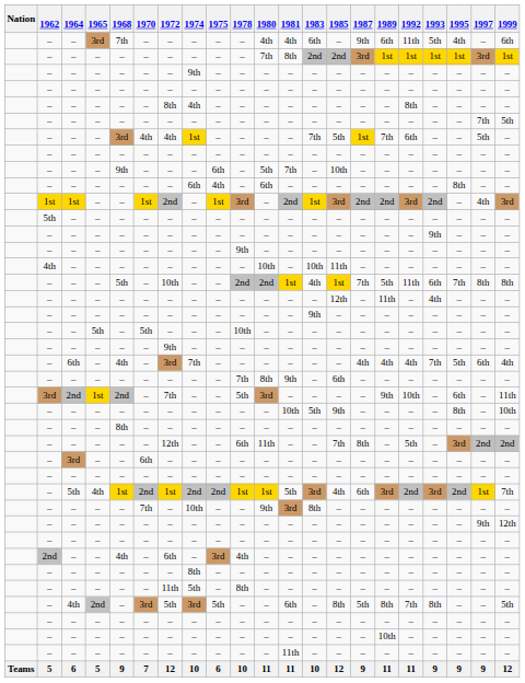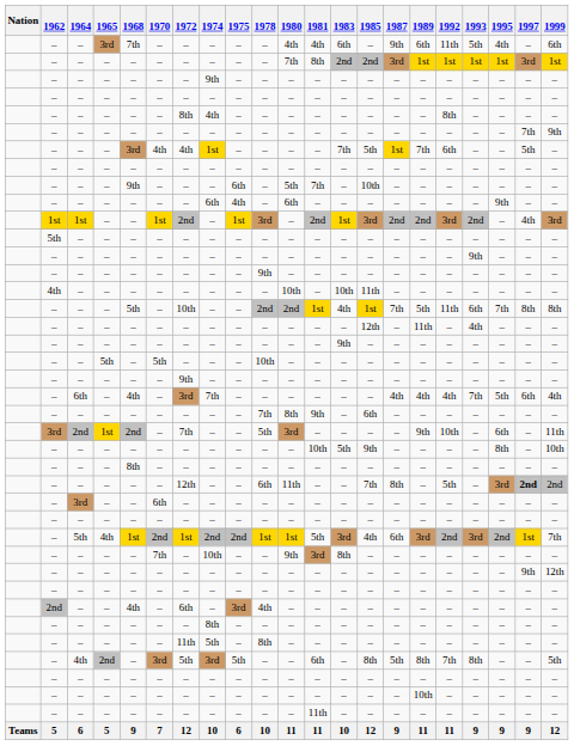 <table class="wikitable" style="font-size:90%; text-align:center;">
 <tr>
 <th>Nation</th>
 <th><br><a href='#'>1962</a></th>
 <th><br><a href='#'>1964</a></th>
 <th><br><a href='#'>1965</a></th>
 <th><br><a href='#'>1968</a></th>
 <th><br><a href='#'>1970</a></th>
 <th><br><a href='#'>1972</a></th>
 <th><br><a href='#'>1974</a></th>
 <th><br><a href='#'>1975</a></th>
 <th><br><a href='#'>1978</a></th>
 <th><br><a href='#'>1980</a></th>
 <th><br><a href='#'>1981</a></th>
 <th><br><a href='#'>1983</a></th>
 <th><br><a href='#'>1985</a></th>
 <th><br><a href='#'>1987</a></th>
 <th><br><a href='#'>1989</a></th>
 <th><br><a href='#'>1992</a></th>
 <th><br><a href='#'>1993</a></th>
 <th><br><a href='#'>1995</a></th>
 <th><br><a href='#'>1997</a></th>
 <th><br><a href='#'>1999</a></th>
 </tr>
 <tr>
 <td align=left></td>
 <td>–</td>
 <td>–</td>
 <td style="background:#c96;">3rd</td>
 <td>7th</td>
 <td>–</td>
 <td>–</td>
 <td>–</td>
 <td>–</td>
 <td>–</td>
 <td>4th</td>
 <td>4th</td>
 <td>6th</td>
 <td>–</td>
 <td>9th</td>
 <td>6th</td>
 <td>11th</td>
 <td>5th</td>
 <td>4th</td>
 <td>–</td>
 <td>6th</td>
 </tr>
 <tr>
 <td align=left></td>
 <td>–</td>
 <td>–</td>
 <td>–</td>
 <td>–</td>
 <td>–</td>
 <td>–</td>
 <td>–</td>
 <td>–</td>
 <td>–</td>
 <td>7th</td>
 <td>8th</td>
 <td style="background:silver;">2nd</td>
 <td style="background:silver;">2nd</td>
 <td style="background:#c96;">3rd</td>
 <td style="background:gold;">1st</td>
 <td style="background:gold;">1st</td>
 <td style="background:gold;">1st</td>
 <td style="background:gold;">1st</td>
 <td style="background:#c96;">3rd</td>
 <td style="background:gold;">1st</td>
 </tr>
 <tr>
 <td align=left></td>
 <td>–</td>
 <td>–</td>
 <td>–</td>
 <td>–</td>
 <td>–</td>
 <td>–</td>
 <td>9th</td>
 <td>–</td>
 <td>–</td>
 <td>–</td>
 <td>–</td>
 <td>–</td>
 <td>–</td>
 <td>–</td>
 <td>–</td>
 <td>–</td>
 <td>–</td>
 <td>–</td>
 <td>–</td>
 <td>–</td>
 </tr>
 <tr>
 <td align=left></td>
 <td>–</td>
 <td>–</td>
 <td>–</td>
 <td>–</td>
 <td>–</td>
 <td>–</td>
 <td>–</td>
 <td>–</td>
 <td>–</td>
 <td>–</td>
 <td>–</td>
 <td>–</td>
 <td>–</td>
 <td>–</td>
 <td>–</td>
 <td>–</td>
 <td>–</td>
 <td>–</td>
 <td>–</td>
 <td>–</td>
 </tr>
 <tr>
 <td align=left></td>
 <td>–</td>
 <td>–</td>
 <td>–</td>
 <td>–</td>
 <td>–</td>
 <td>8th</td>
 <td>4th</td>
 <td>–</td>
 <td>–</td>
 <td>–</td>
 <td>–</td>
 <td>–</td>
 <td>–</td>
 <td>–</td>
 <td>–</td>
 <td>8th</td>
 <td>–</td>
 <td>–</td>
 <td>–</td>
 <td>–</td>
 </tr>
 <tr>
 <td align=left></td>
 <td>–</td>
 <td>–</td>
 <td>–</td>
 <td>–</td>
 <td>–</td>
 <td>–</td>
 <td>–</td>
 <td>–</td>
 <td>–</td>
 <td>–</td>
 <td>–</td>
 <td>–</td>
 <td>–</td>
 <td>–</td>
 <td>–</td>
 <td>–</td>
 <td>–</td>
 <td>–</td>
 <td>7th</td>
-<td>5th</td>
+<td>9th</td>
 </tr>
 <tr>
 <td align=left></td>
 <td>–</td>
 <td>–</td>
 <td>–</td>
 <td style="background:#c96;">3rd</td>
 <td>4th</td>
 <td>4th</td>
 <td style="background:gold;">1st</td>
 <td>–</td>
 <td>–</td>
 <td>–</td>
 <td>–</td>
 <td>7th</td>
 <td>5th</td>
 <td style="background:gold;">1st</td>
 <td>7th</td>
 <td>6th</td>
 <td>–</td>
 <td>–</td>
 <td>5th</td>
 <td>–</td>
 </tr>
 <tr>
 <td align=left></td>
 <td>–</td>
 <td>–</td>
 <td>–</td>
 <td>–</td>
 <td>–</td>
 <td>–</td>
 <td>–</td>
 <td>–</td>
 <td>–</td>
 <td>–</td>
 <td>–</td>
 <td>–</td>
 <td>–</td>
 <td>–</td>
 <td>–</td>
 <td>–</td>
 <td>–</td>
 <td>–</td>
 <td>–</td>
 <td>–</td>
 </tr>
 <tr>
 <td align=left></td>
 <td>–</td>
 <td>–</td>
 <td>–</td>
 <td>9th</td>
 <td>–</td>
 <td>–</td>
 <td>–</td>
 <td>6th</td>
 <td>–</td>
 <td>5th</td>
 <td>7th</td>
 <td>–</td>
 <td>10th</td>
 <td>–</td>
 <td>–</td>
 <td>–</td>
 <td>–</td>
 <td>–</td>
 <td>–</td>
 <td>–</td>
 </tr>
 <tr>
 <td align=left></td>
 <td>–</td>
 <td>–</td>
 <td>–</td>
 <td>–</td>
 <td>–</td>
 <td>–</td>
 <td>6th</td>
 <td>4th</td>
 <td>–</td>
 <td>6th</td>
 <td>–</td>
 <td>–</td>
 <td>–</td>
 <td>–</td>
 <td>–</td>
 <td>–</td>
 <td>–</td>
-<td>8th</td>
+<td>9th</td>
 <td>–</td>
 <td>–</td>
 </tr>
 <tr>
 <td align=left></td>
 <td style="background:gold;">1st</td>
 <td style="background:gold;">1st</td>
 <td>–</td>
 <td>–</td>
 <td style="background:gold;">1st</td>
 <td style="background:silver;">2nd</td>
 <td>–</td>
 <td style="background:gold;">1st</td>
 <td style="background:#c96;">3rd</td>
 <td>–</td>
 <td style="background:silver;">2nd</td>
 <td style="background:gold;">1st</td>
 <td style="background:#c96;">3rd</td>
 <td style="background:silver;">2nd</td>
 <td style="background:silver;">2nd</td>
 <td style="background:#c96;">3rd</td>
 <td style="background:silver;">2nd</td>
 <td>–</td>
 <td>4th</td>
 <td style="background:#c96;">3rd</td>
 </tr>
 <tr>
 <td align=left></td>
 <td>5th</td>
 <td>–</td>
 <td>–</td>
 <td>–</td>
 <td>–</td>
 <td>–</td>
 <td>–</td>
 <td>–</td>
 <td>–</td>
 <td>–</td>
 <td>–</td>
 <td>–</td>
 <td>–</td>
 <td>–</td>
 <td>–</td>
 <td>–</td>
 <td>–</td>
 <td>–</td>
 <td>–</td>
 <td>–</td>
 </tr>
 <tr>
 <td align=left></td>
 <td>–</td>
 <td>–</td>
 <td>–</td>
 <td>–</td>
 <td>–</td>
 <td>–</td>
 <td>–</td>
 <td>–</td>
 <td>–</td>
 <td>–</td>
 <td>–</td>
 <td>–</td>
 <td>–</td>
 <td>–</td>
 <td>–</td>
 <td>–</td>
 <td>9th</td>
 <td>–</td>
 <td>–</td>
 <td>–</td>
 </tr>
 <tr>
 <td align=left></td>
 <td>–</td>
 <td>–</td>
 <td>–</td>
 <td>–</td>
 <td>–</td>
 <td>–</td>
 <td>–</td>
 <td>–</td>
 <td>9th</td>
 <td>–</td>
 <td>–</td>
 <td>–</td>
 <td>–</td>
 <td>–</td>
 <td>–</td>
 <td>–</td>
 <td>–</td>
 <td>–</td>
 <td>–</td>
 <td>–</td>
 </tr>
 <tr>
 <td align=left></td>
 <td>4th</td>
 <td>–</td>
 <td>–</td>
 <td>–</td>
 <td>–</td>
 <td>–</td>
 <td>–</td>
 <td>–</td>
 <td>–</td>
 <td>10th</td>
 <td>–</td>
 <td>10th</td>
 <td>11th</td>
 <td>–</td>
 <td>–</td>
 <td>–</td>
 <td>–</td>
 <td>–</td>
 <td>–</td>
 <td>–</td>
 </tr>
 <tr>
 <td align=left></td>
 <td>–</td>
 <td>–</td>
 <td>–</td>
 <td>5th</td>
 <td>–</td>
 <td>10th</td>
 <td>–</td>
 <td>–</td>
 <td style="background:silver;">2nd</td>
 <td style="background:silver;">2nd</td>
 <td style="background:gold;">1st</td>
 <td>4th</td>
 <td style="background:gold;">1st</td>
 <td>7th</td>
 <td>5th</td>
 <td>11th</td>
 <td>6th</td>
 <td>7th</td>
 <td>8th</td>
 <td>8th</td>
 </tr>
 <tr>
 <td align=left></td>
 <td>–</td>
 <td>–</td>
 <td>–</td>
 <td>–</td>
 <td>–</td>
 <td>–</td>
 <td>–</td>
 <td>–</td>
 <td>–</td>
 <td>–</td>
 <td>–</td>
 <td>–</td>
 <td>12th</td>
 <td>–</td>
 <td>11th</td>
 <td>–</td>
 <td>4th</td>
 <td>–</td>
 <td>–</td>
 <td>–</td>
 </tr>
 <tr>
 <td align=left></td>
 <td>–</td>
 <td>–</td>
 <td>–</td>
 <td>–</td>
 <td>–</td>
 <td>–</td>
 <td>–</td>
 <td>–</td>
 <td>–</td>
 <td>–</td>
 <td>–</td>
 <td>9th</td>
 <td>–</td>
 <td>–</td>
 <td>–</td>
 <td>–</td>
 <td>–</td>
 <td>–</td>
 <td>–</td>
 <td>–</td>
 </tr>
 <tr>
 <td align=left></td>
 <td>–</td>
 <td>–</td>
 <td>5th</td>
 <td>–</td>
 <td>5th</td>
 <td>–</td>
 <td>–</td>
 <td>–</td>
 <td>10th</td>
 <td>–</td>
 <td>–</td>
 <td>–</td>
 <td>–</td>
 <td>–</td>
 <td>–</td>
 <td>–</td>
 <td>–</td>
 <td>–</td>
 <td>–</td>
 <td>–</td>
 </tr>
 <tr>
 <td align=left></td>
 <td>–</td>
 <td>–</td>
 <td>–</td>
 <td>–</td>
 <td>–</td>
 <td>9th</td>
 <td>–</td>
 <td>–</td>
 <td>–</td>
 <td>–</td>
 <td>–</td>
 <td>–</td>
 <td>–</td>
 <td>–</td>
 <td>–</td>
 <td>–</td>
 <td>–</td>
 <td>–</td>
 <td>–</td>
 <td>–</td>
 </tr>
 <tr>
 <td align=left></td>
 <td>–</td>
 <td>6th</td>
 <td>–</td>
 <td>4th</td>
 <td>–</td>
 <td style="background:#c96;">3rd</td>
 <td>7th</td>
 <td>–</td>
 <td>–</td>
 <td>–</td>
 <td>–</td>
 <td>–</td>
 <td>–</td>
 <td>4th</td>
 <td>4th</td>
 <td>4th</td>
 <td>7th</td>
 <td>5th</td>
 <td>6th</td>
 <td>4th</td>
 </tr>
 <tr>
 <td align=left></td>
 <td>–</td>
 <td>–</td>
 <td>–</td>
 <td>–</td>
 <td>–</td>
 <td>–</td>
 <td>–</td>
 <td>–</td>
 <td>7th</td>
 <td>8th</td>
 <td>9th</td>
 <td>–</td>
 <td>6th</td>
 <td>–</td>
 <td>–</td>
 <td>–</td>
 <td>–</td>
 <td>–</td>
 <td>–</td>
 <td>–</td>
 </tr>
 <tr>
 <td align=left></td>
 <td style="background:#c96;">3rd</td>
 <td style="background:silver;">2nd</td>
 <td style="background:gold;">1st</td>
 <td style="background:silver;">2nd</td>
 <td>–</td>
 <td>7th</td>
 <td>–</td>
 <td>–</td>
 <td>5th</td>
 <td style="background:#c96;">3rd</td>
 <td>–</td>
 <td>–</td>
 <td>–</td>
 <td>–</td>
 <td>9th</td>
 <td>10th</td>
 <td>–</td>
 <td>6th</td>
 <td>–</td>
 <td>11th</td>
 </tr>
 <tr>
 <td align=left></td>
 <td>–</td>
 <td>–</td>
 <td>–</td>
 <td>–</td>
 <td>–</td>
 <td>–</td>
 <td>–</td>
 <td>–</td>
 <td>–</td>
 <td>–</td>
 <td>10th</td>
 <td>5th</td>
 <td>9th</td>
 <td>–</td>
 <td>–</td>
 <td>–</td>
 <td>–</td>
 <td>8th</td>
 <td>–</td>
 <td>10th</td>
 </tr>
 <tr>
 <td align=left></td>
 <td>–</td>
 <td>–</td>
 <td>–</td>
 <td>8th</td>
 <td>–</td>
 <td>–</td>
 <td>–</td>
 <td>–</td>
 <td>–</td>
 <td>–</td>
 <td>–</td>
 <td>–</td>
 <td>–</td>
 <td>–</td>
 <td>–</td>
 <td>–</td>
 <td>–</td>
 <td>–</td>
 <td>–</td>
 <td>–</td>
 </tr>
 <tr>
 <td align=left></td>
 <td>–</td>
 <td>–</td>
 <td>–</td>
 <td>–</td>
 <td>–</td>
 <td>12th</td>
 <td>–</td>
 <td>–</td>
 <td>6th</td>
 <td>11th</td>
 <td>–</td>
 <td>–</td>
 <td>7th</td>
 <td>8th</td>
 <td>–</td>
 <td>5th</td>
 <td>–</td>
 <td style="background:#c96;">3rd</td>
-<td style="background:silver;">2nd</td>
+<td style="background:silver;"><strong>2nd</strong></td>
 <td style="background:silver;">2nd</td>
 </tr>
 <tr>
 <td align=left></td>
 <td>–</td>
 <td style="background:#c96;">3rd</td>
 <td>–</td>
 <td>–</td>
 <td>6th</td>
 <td>–</td>
 <td>–</td>
 <td>–</td>
 <td>–</td>
 <td>–</td>
 <td>–</td>
 <td>–</td>
 <td>–</td>
 <td>–</td>
 <td>–</td>
 <td>–</td>
 <td>–</td>
 <td>–</td>
 <td>–</td>
 <td>–</td>
 </tr>
 <tr>
 <td align=left></td>
 <td>–</td>
 <td>–</td>
 <td>–</td>
 <td>–</td>
 <td>–</td>
 <td>–</td>
 <td>–</td>
 <td>–</td>
 <td>–</td>
 <td>–</td>
 <td>–</td>
 <td>–</td>
 <td>–</td>
 <td>–</td>
 <td>–</td>
 <td>–</td>
 <td>–</td>
 <td>–</td>
 <td>–</td>
 <td>–</td>
 </tr>
 <tr>
 <td align=left></td>
 <td>–</td>
 <td>5th</td>
 <td>4th</td>
 <td style="background:gold;">1st</td>
 <td style="background:silver;">2nd</td>
 <td style="background:gold;">1st</td>
 <td style="background:silver;">2nd</td>
 <td style="background:silver;">2nd</td>
 <td style="background:gold;">1st</td>
 <td style="background:gold;">1st</td>
 <td>5th</td>
 <td style="background:#c96;">3rd</td>
 <td>4th</td>
 <td>6th</td>
 <td style="background:#c96;">3rd</td>
 <td style="background:silver;">2nd</td>
 <td style="background:#c96;">3rd</td>
 <td style="background:silver;">2nd</td>
 <td style="background:gold;">1st</td>
 <td>7th</td>
 </tr>
 <tr>
 <td align=left></td>
 <td>–</td>
 <td>–</td>
 <td>–</td>
 <td>–</td>
 <td>7th</td>
 <td>–</td>
 <td>10th</td>
 <td>–</td>
 <td>–</td>
 <td>9th</td>
 <td style="background:#c96;">3rd</td>
 <td>8th</td>
 <td>–</td>
 <td>–</td>
 <td>–</td>
 <td>–</td>
 <td>–</td>
 <td>–</td>
 <td>–</td>
 <td>–</td>
 </tr>
 <tr>
 <td align=left></td>
 <td>–</td>
 <td>–</td>
 <td>–</td>
 <td>–</td>
 <td>–</td>
 <td>–</td>
 <td>–</td>
 <td>–</td>
 <td>–</td>
 <td>–</td>
 <td>–</td>
 <td>–</td>
 <td>–</td>
 <td>–</td>
 <td>–</td>
 <td>–</td>
 <td>–</td>
 <td>–</td>
 <td>9th</td>
 <td>12th</td>
 </tr>
 <tr>
 <td align=left></td>
 <td>–</td>
 <td>–</td>
 <td>–</td>
 <td>–</td>
 <td>–</td>
 <td>–</td>
 <td>–</td>
 <td>–</td>
 <td>–</td>
 <td>–</td>
 <td>–</td>
 <td>–</td>
 <td>–</td>
 <td>–</td>
 <td>–</td>
 <td>–</td>
 <td>–</td>
 <td>–</td>
 <td>–</td>
 <td>–</td>
 </tr>
 <tr>
 <td align=left></td>
 <td style="background:silver;">2nd</td>
 <td>–</td>
 <td>–</td>
 <td>4th</td>
 <td>–</td>
 <td>6th</td>
 <td>–</td>
 <td style="background:#c96;">3rd</td>
 <td>4th</td>
 <td>–</td>
 <td>–</td>
 <td>–</td>
 <td>–</td>
 <td>–</td>
 <td>–</td>
 <td>–</td>
 <td>–</td>
 <td>–</td>
 <td>–</td>
 <td>–</td>
 </tr>
 <tr>
 <td align=left></td>
 <td>–</td>
 <td>–</td>
 <td>–</td>
 <td>–</td>
 <td>–</td>
 <td>–</td>
 <td>8th</td>
 <td>–</td>
 <td>–</td>
 <td>–</td>
 <td>–</td>
 <td>–</td>
 <td>–</td>
 <td>–</td>
 <td>–</td>
 <td>–</td>
 <td>–</td>
 <td>–</td>
 <td>–</td>
 <td>–</td>
 </tr>
 <tr>
 <td align=left></td>
 <td>–</td>
 <td>–</td>
 <td>–</td>
 <td>–</td>
 <td>–</td>
 <td>11th</td>
 <td>5th</td>
 <td>–</td>
 <td>8th</td>
 <td>–</td>
 <td>–</td>
 <td>–</td>
 <td>–</td>
 <td>–</td>
 <td>–</td>
 <td>–</td>
 <td>–</td>
 <td>–</td>
 <td>–</td>
 <td>–</td>
 </tr>
 <tr>
 <td align=left></td>
 <td>–</td>
 <td>4th</td>
 <td style="background:silver;">2nd</td>
 <td>–</td>
 <td style="background:#c96;">3rd</td>
 <td>5th</td>
 <td style="background:#c96;">3rd</td>
 <td>5th</td>
 <td>–</td>
 <td>–</td>
 <td>6th</td>
 <td>–</td>
 <td>8th</td>
 <td>5th</td>
 <td>8th</td>
 <td>7th</td>
 <td>8th</td>
 <td>–</td>
 <td>–</td>
 <td>5th</td>
 </tr>
 <tr>
 <td align=left></td>
 <td>–</td>
 <td>–</td>
 <td>–</td>
 <td>–</td>
 <td>–</td>
 <td>–</td>
 <td>–</td>
 <td>–</td>
 <td>–</td>
 <td>–</td>
 <td>–</td>
 <td>–</td>
 <td>–</td>
 <td>–</td>
 <td>–</td>
 <td>–</td>
 <td>–</td>
 <td>–</td>
 <td>–</td>
 <td>–</td>
 </tr>
 <tr>
 <td align=left></td>
 <td>–</td>
 <td>–</td>
 <td>–</td>
 <td>–</td>
 <td>–</td>
 <td>–</td>
 <td>–</td>
 <td>–</td>
 <td>–</td>
 <td>–</td>
 <td>–</td>
 <td>–</td>
 <td>–</td>
 <td>–</td>
 <td>10th</td>
 <td>–</td>
 <td>–</td>
 <td>–</td>
 <td>–</td>
 <td>–</td>
 </tr>
 <tr>
 <td align=left></td>
 <td>–</td>
 <td>–</td>
 <td>–</td>
 <td>–</td>
 <td>–</td>
 <td>–</td>
 <td>–</td>
 <td>–</td>
 <td>–</td>
 <td>–</td>
 <td>11th</td>
 <td>–</td>
 <td>–</td>
 <td>–</td>
 <td>–</td>
 <td>–</td>
 <td>–</td>
 <td>–</td>
 <td>–</td>
 <td>–</td>
 </tr>
 <tr>
 <th>Teams</th>
 <th>5</th>
 <th>6</th>
 <th>5</th>
 <th>9</th>
 <th>7</th>
 <th>12</th>
 <th>10</th>
 <th>6</th>
 <th>10</th>
 <th>11</th>
 <th>11</th>
 <th>10</th>
 <th>12</th>
 <th>9</th>
 <th>11</th>
 <th>11</th>
 <th>9</th>
 <th>9</th>
 <th>9</th>
 <th>12</th>
 </tr>
 </table>
